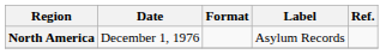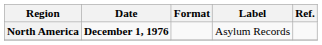 <table class="wikitable plainrowheaders">
 <tr>
 <th scope="col">Region</th>
 <th scope="col">Date</th>
 <th scope="col">Format</th>
 <th scope="col">Label</th>
 <th scope="col">Ref.</th>
 </tr>
 <tr>
 <th scope="row">North America</th>
-<td>December 1, 1976</td>
+<td><strong>December 1, 1976</strong></td>
 <td></td>
 <td>Asylum Records</td>
 <td></td>
 </tr>
 <tr>
 </tr>
 </table>
